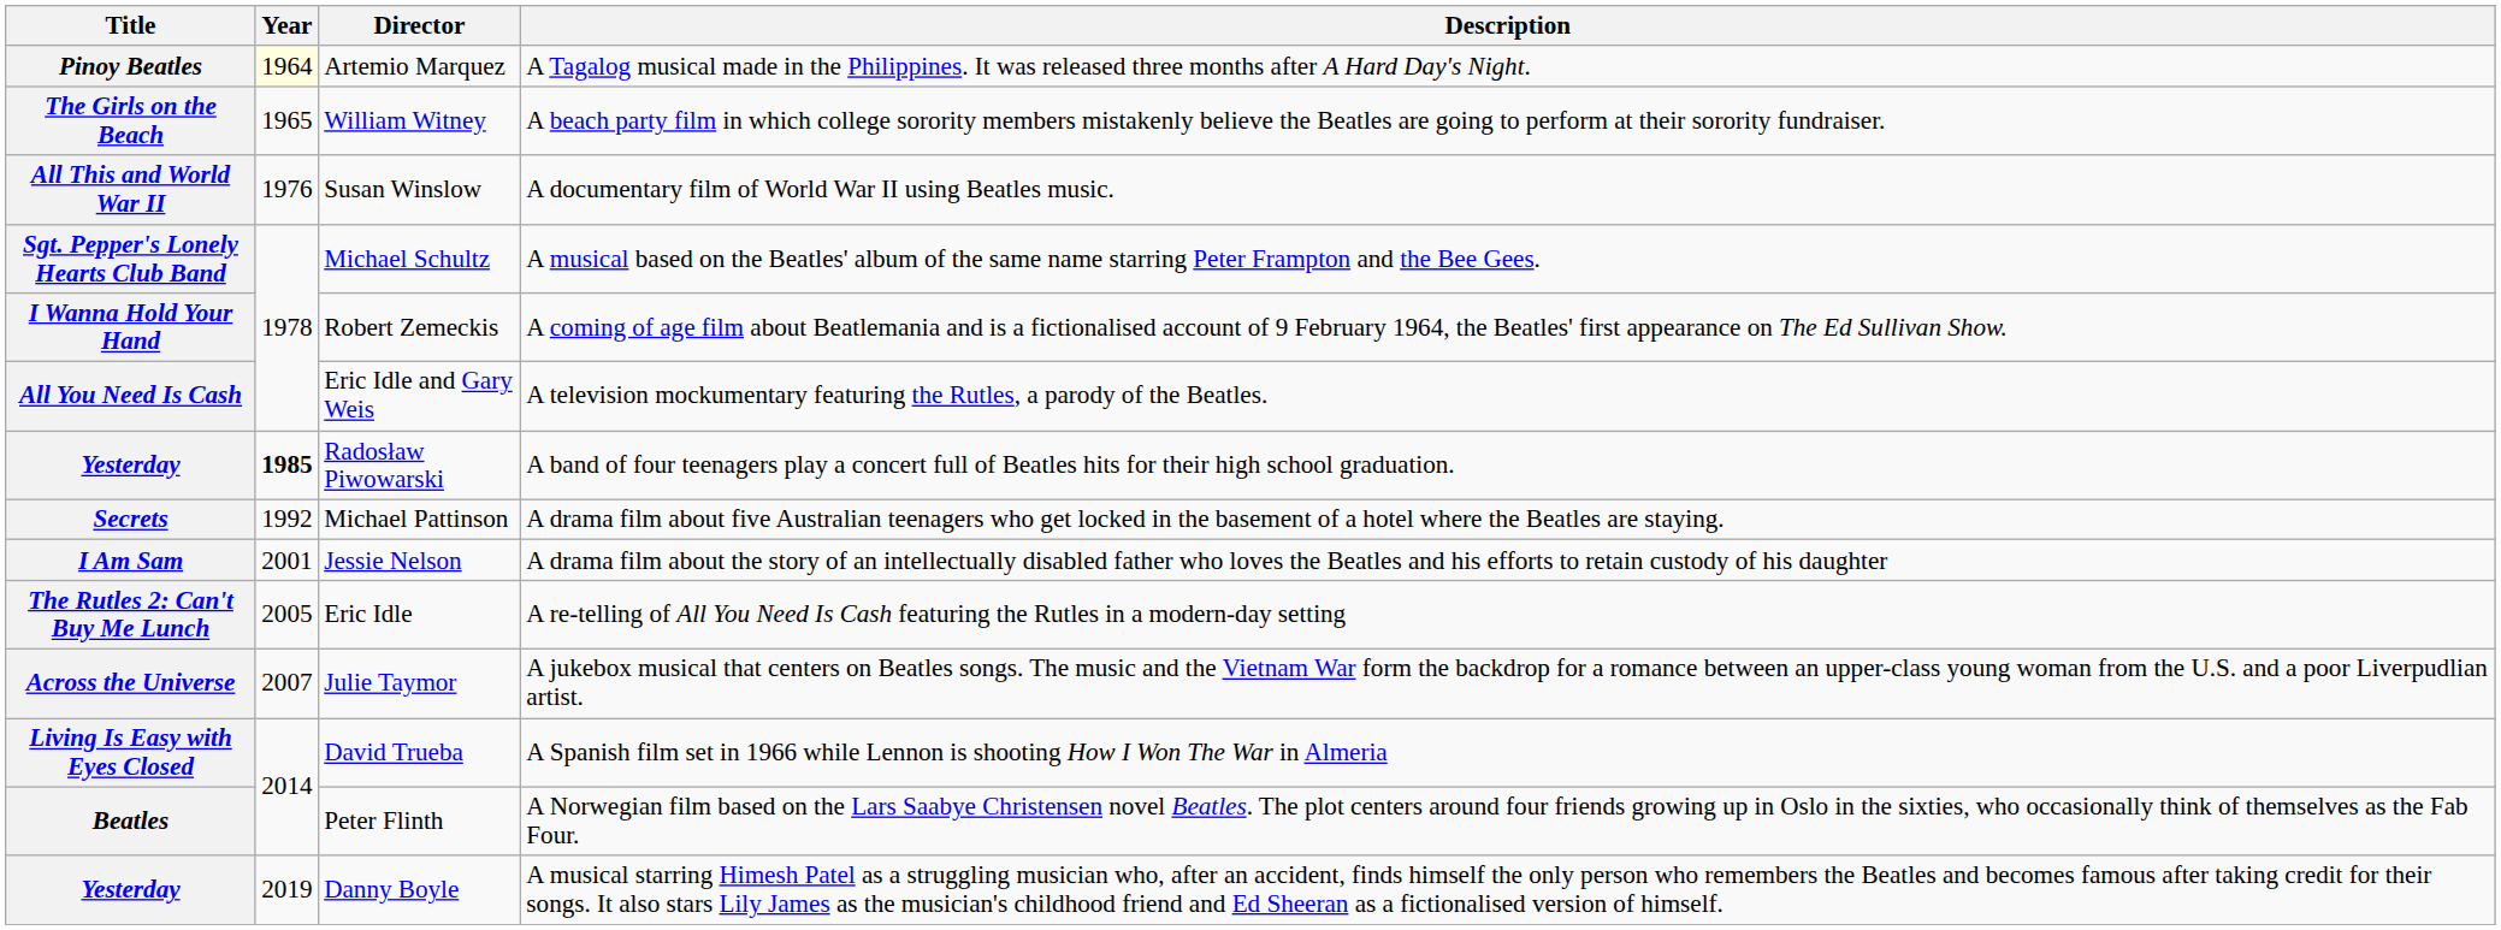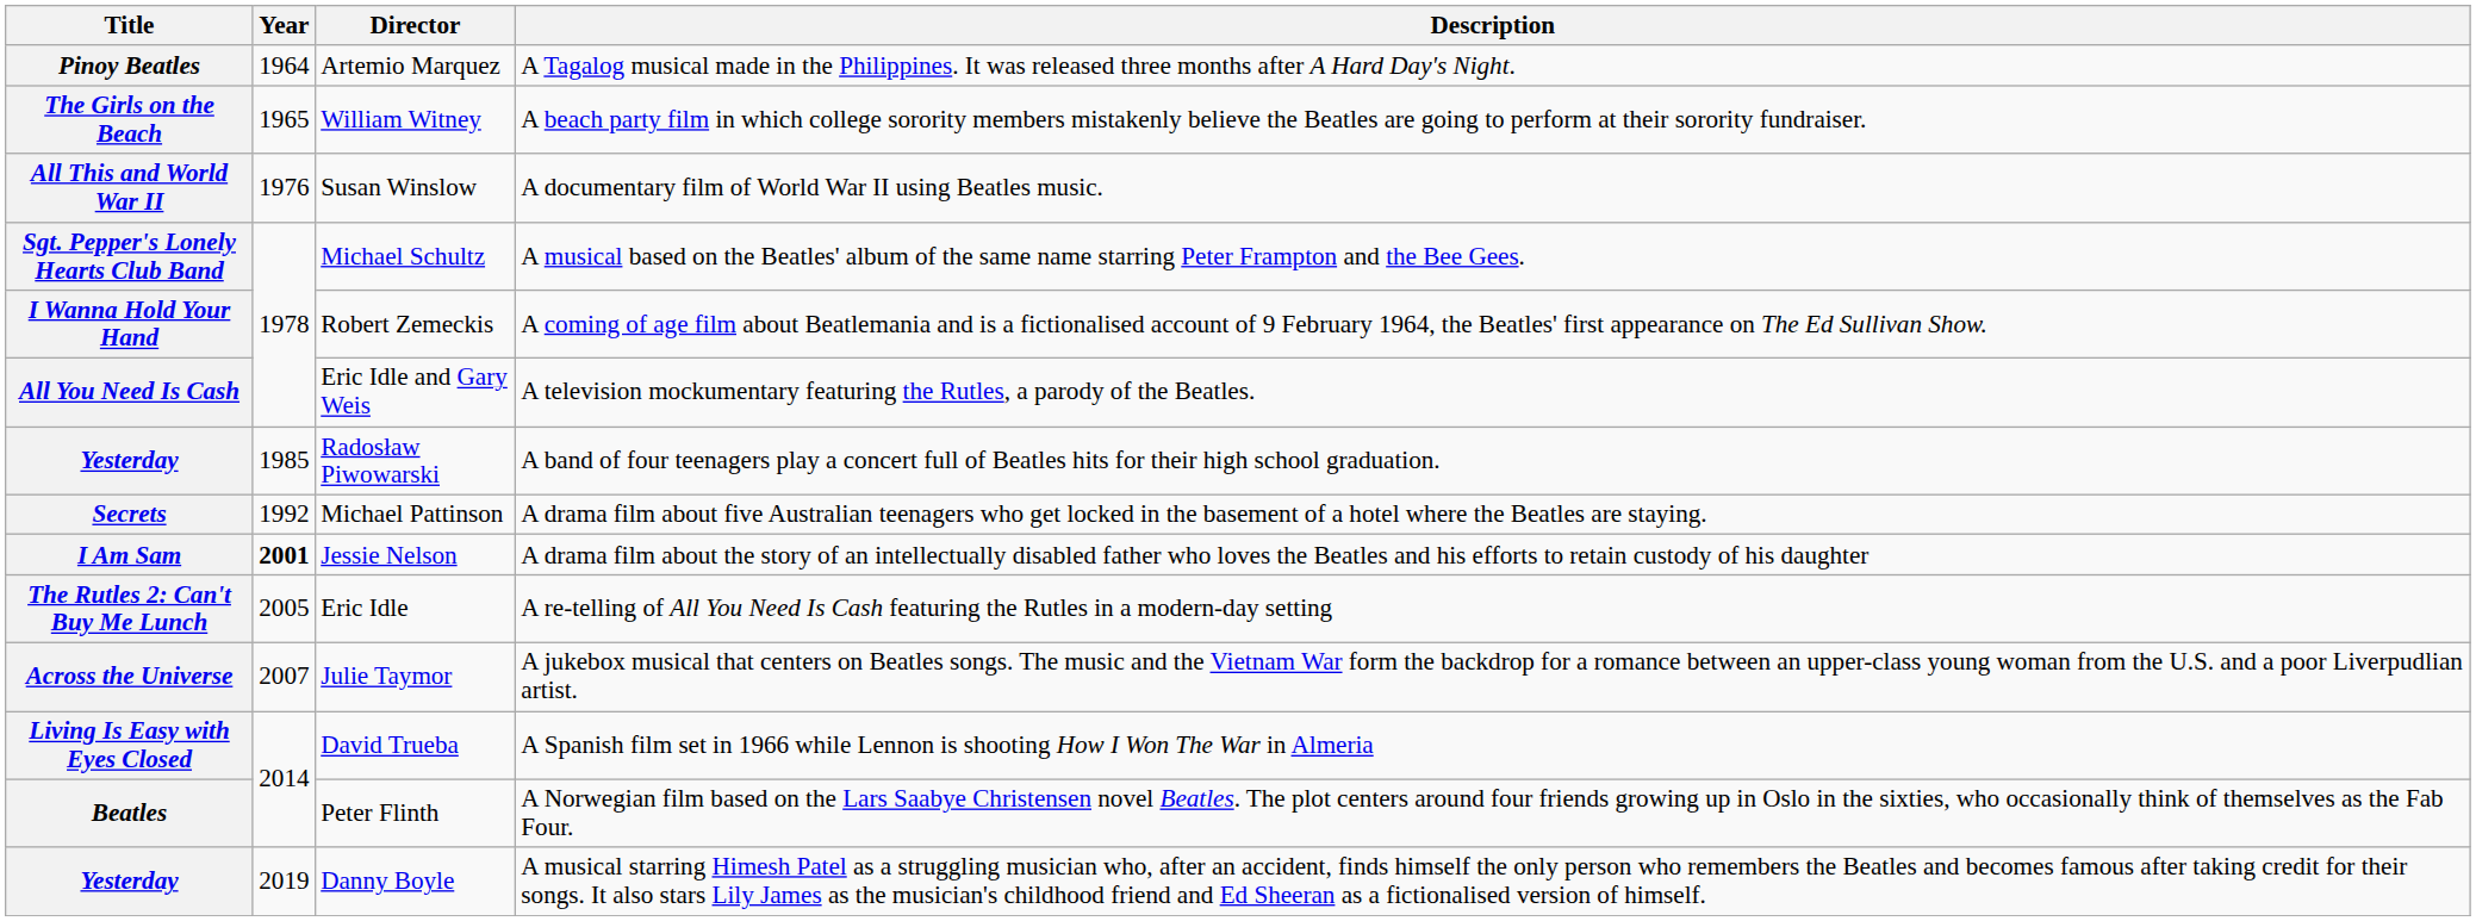 <table class="wikitable plainrowheaders">
 <tr>
 <th scope="col" width="150em">Title</th>
 <th scope="col" width="5em">Year</th>
 <th scope="col" width="120em">Director</th>
 <th scope="col">Description</th>
 </tr>
 <tr>
 <th scope="row"><em>Pinoy Beatles</em></th>
-<td style="background: lightyellow;">1964</td>
+<td>1964</td>
 <td>Artemio Marquez</td>
 <td>A <a href='#'>Tagalog</a> musical made in the <a href='#'>Philippines</a>. It was released three months after <em>A Hard Day's Night</em>.</td>
 </tr>
 <tr>
 <th scope="row"><em><a href='#'>The Girls on the Beach</a></em></th>
 <td>1965</td>
 <td><a href='#'>William Witney</a></td>
 <td>A <a href='#'>beach party film</a> in which college sorority members mistakenly believe the Beatles are going to perform at their sorority fundraiser.</td>
 </tr>
 <tr>
 <th scope="row"><em><a href='#'>All This and World War II</a></em></th>
 <td>1976</td>
 <td>Susan Winslow</td>
 <td>A documentary film of World War II using Beatles music.</td>
 </tr>
 <tr>
 <th scope="row"><em><a href='#'>Sgt. Pepper's Lonely Hearts Club Band</a></em></th>
 <td rowspan="3">1978</td>
 <td><a href='#'>Michael Schultz</a></td>
 <td>A <a href='#'>musical</a> based on the Beatles' album of the same name starring <a href='#'>Peter Frampton</a> and <a href='#'>the Bee Gees</a>.</td>
 </tr>
 <tr>
 <th scope="row"><em><a href='#'>I Wanna Hold Your Hand</a></em></th>
 <td>Robert Zemeckis</td>
 <td>A <a href='#'>coming of age film</a> about Beatlemania and is a fictionalised account of 9 February 1964, the Beatles' first appearance on <em>The Ed Sullivan Show.</em></td>
 </tr>
 <tr>
 <th scope="row"><em><a href='#'>All You Need Is Cash</a></em></th>
 <td>Eric Idle and <a href='#'>Gary Weis</a></td>
 <td>A television mockumentary featuring <a href='#'>the Rutles</a>, a parody of the Beatles.</td>
 </tr>
 <tr>
 <th scope="row"><em><a href='#'>Yesterday</a></em></th>
-<td><strong>1985</strong></td>
+<td>1985</td>
 <td><a href='#'>Radosław Piwowarski</a></td>
 <td>A band of four teenagers play a concert full of Beatles hits for their high school graduation.</td>
 </tr>
 <tr>
 <th scope="row"><em><a href='#'>Secrets</a></em></th>
 <td>1992</td>
 <td>Michael Pattinson</td>
 <td>A drama film about five Australian teenagers who get locked in the basement of a hotel where the Beatles are staying.</td>
 </tr>
 <tr>
 <th scope="row"><em><a href='#'>I Am Sam</a></em></th>
-<td>2001</td>
+<td><strong>2001</strong></td>
 <td><a href='#'>Jessie Nelson</a></td>
 <td>A drama film about the story of an intellectually disabled father who loves the Beatles and his efforts to retain custody of his daughter</td>
 </tr>
 <tr>
 <th scope="row"><em><a href='#'>The Rutles 2: Can't Buy Me Lunch</a></em></th>
 <td>2005</td>
 <td>Eric Idle</td>
 <td>A re-telling of <em>All You Need Is Cash</em> featuring the Rutles in a modern-day setting</td>
 </tr>
 <tr>
 <th scope="row"><em><a href='#'>Across the Universe</a></em></th>
 <td>2007</td>
 <td><a href='#'>Julie Taymor</a></td>
 <td>A jukebox musical that centers on Beatles songs. The music and the <a href='#'>Vietnam War</a> form the backdrop for a romance between an upper-class young woman from the U.S. and a poor Liverpudlian artist.</td>
 </tr>
 <tr>
 <th scope="row"><em><a href='#'>Living Is Easy with Eyes Closed</a></em></th>
 <td rowspan="2">2014</td>
 <td><a href='#'>David Trueba</a></td>
 <td>A Spanish film set in 1966 while Lennon is shooting <em>How I Won The War</em> in <a href='#'>Almeria</a></td>
 </tr>
 <tr>
 <th scope="row"><em>Beatles</em></th>
 <td>Peter Flinth</td>
 <td>A Norwegian film based on the <a href='#'>Lars Saabye Christensen</a> novel <em><a href='#'>Beatles</a></em>. The plot centers around four friends growing up in Oslo in the sixties, who occasionally think of themselves as the Fab Four.</td>
 </tr>
 <tr>
 <th scope="row"><em><a href='#'>Yesterday</a></em></th>
 <td>2019</td>
 <td><a href='#'>Danny Boyle</a></td>
 <td>A musical starring <a href='#'>Himesh Patel</a> as a struggling musician who, after an accident, finds himself the only person who remembers the Beatles and becomes famous after taking credit for their songs. It also stars <a href='#'>Lily James</a> as the musician's childhood friend and <a href='#'>Ed Sheeran</a> as a fictionalised version of himself.</td>
 </tr>
 <tr>
 </tr>
 </table>
